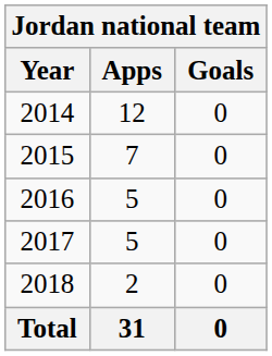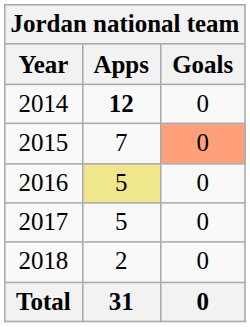 <table class="wikitable" style="text-align:center">
 <tr>
 <th colspan=3>Jordan national team</th>
 </tr>
 <tr>
 <th>Year</th>
 <th>Apps</th>
 <th>Goals</th>
 </tr>
 <tr>
 <td>2014</td>
-<td>12</td>
+<td><strong>12</strong></td>
 <td>0</td>
 </tr>
 <tr>
 <td>2015</td>
 <td>7</td>
-<td>0</td>
+<td style="background: lightsalmon;">0</td>
 </tr>
 <tr>
 <td>2016</td>
-<td>5</td>
+<td style="background: khaki;">5</td>
 <td>0</td>
 </tr>
 <tr>
 <td>2017</td>
 <td>5</td>
 <td>0</td>
 </tr>
 <tr>
 <td>2018</td>
 <td>2</td>
 <td>0</td>
 </tr>
 <tr>
 <th>Total</th>
 <th>31</th>
 <th>0</th>
 </tr>
 </table>
